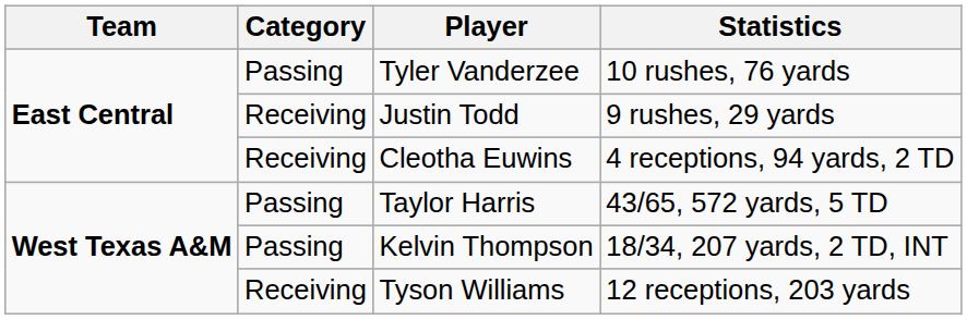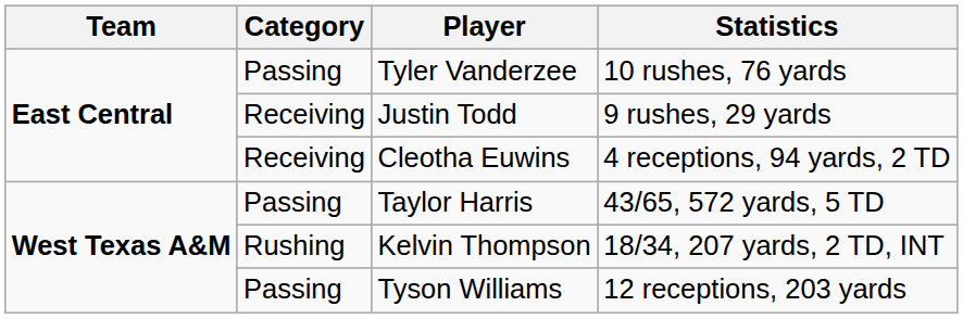 <table class="wikitable" style="float: left;">
 <tr>
 <th>Team</th>
 <th>Category</th>
 <th>Player</th>
 <th>Statistics</th>
 </tr>
 <tr>
 <td rowspan=3><strong>East Central</strong></td>
 <td>Passing</td>
 <td>Tyler Vanderzee</td>
 <td>10 rushes, 76 yards</td>
 </tr>
 <tr>
 <td>Receiving</td>
 <td>Justin Todd</td>
 <td>9 rushes, 29 yards</td>
 </tr>
 <tr>
 <td>Receiving</td>
 <td>Cleotha Euwins</td>
 <td>4 receptions, 94 yards, 2 TD</td>
 </tr>
 <tr>
 <td rowspan=3><strong>West Texas A&M</strong></td>
 <td>Passing</td>
 <td>Taylor Harris</td>
 <td>43/65, 572 yards, 5 TD</td>
 </tr>
 <tr>
-<td>Passing</td>
+<td>Rushing</td>
 <td>Kelvin Thompson</td>
 <td>18/34, 207 yards, 2 TD, INT</td>
 </tr>
 <tr>
-<td>Receiving</td>
+<td>Passing</td>
 <td>Tyson Williams</td>
 <td>12 receptions, 203 yards</td>
 </tr>
 </table>
